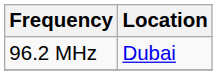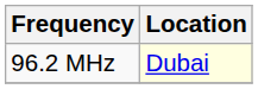 <table class="wikitable">
 <tr>
 <th>Frequency</th>
 <th>Location</th>
 </tr>
 <tr>
 <td>96.2 MHz</td>
-<td><a href='#'>Dubai</a></td>
+<td style="background: lightyellow;"><a href='#'>Dubai</a></td>
 </tr>
 <tr>
 </tr>
 </table>
